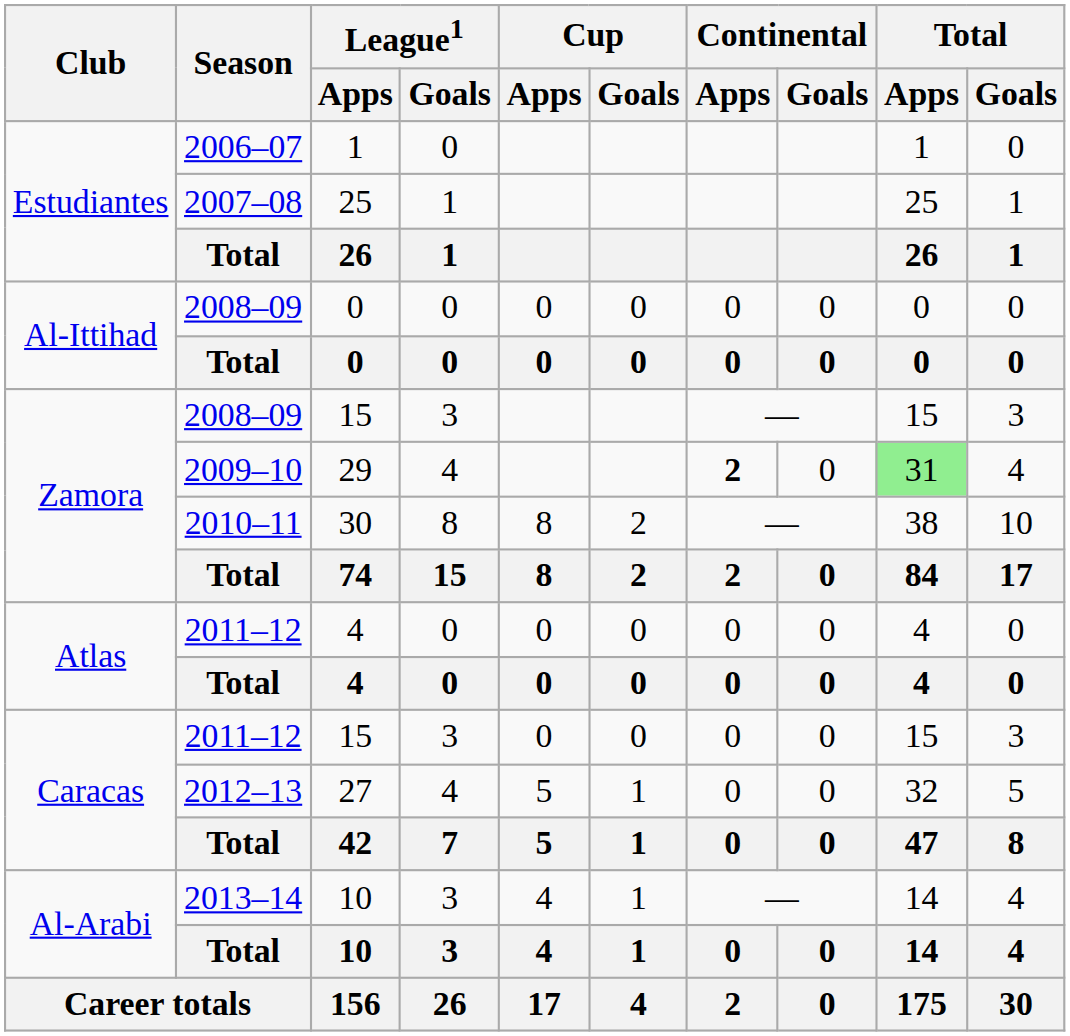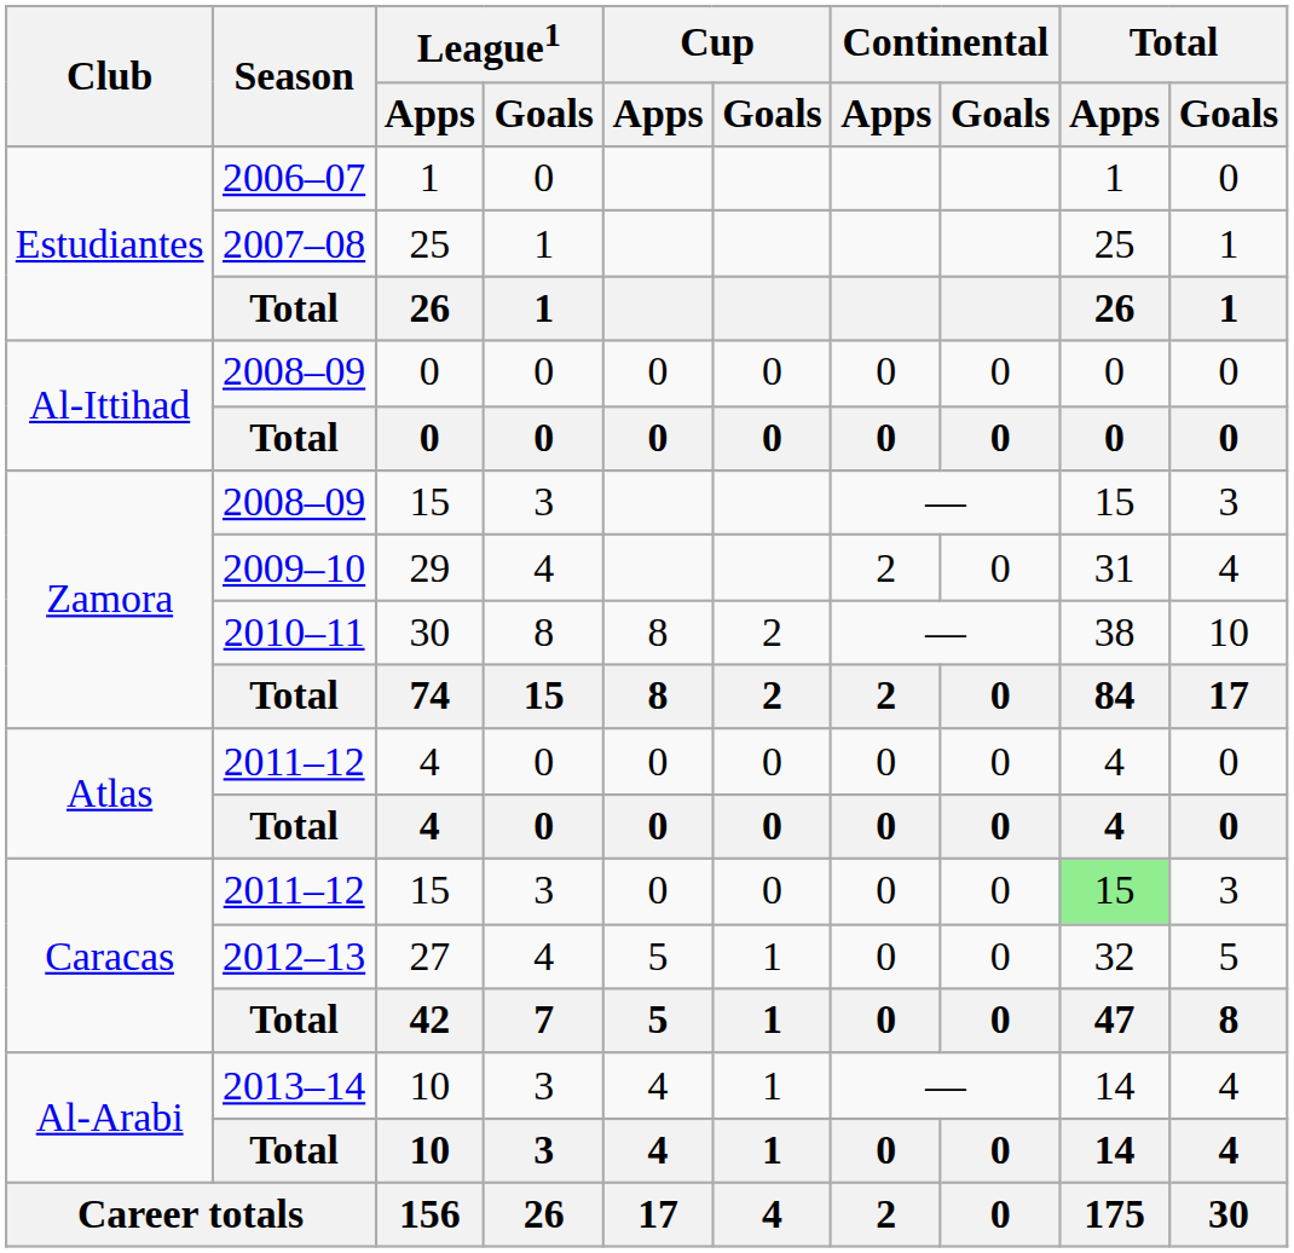 <table class="wikitable" style="text-align: center;">
 <tr>
 <th rowspan="2">Club</th>
 <th rowspan="2">Season</th>
 <th colspan="2">League<sup><span>1</span></sup></th>
 <th colspan="2">Cup</th>
 <th colspan="2">Continental</th>
 <th colspan="2">Total</th>
 </tr>
 <tr>
 <th>Apps</th>
 <th>Goals</th>
 <th>Apps</th>
 <th>Goals</th>
 <th>Apps</th>
 <th>Goals</th>
 <th>Apps</th>
 <th>Goals</th>
 </tr>
 <tr>
 <td rowspan="3"><a href='#'>Estudiantes</a></td>
 <td><a href='#'>2006–07</a></td>
 <td>1</td>
 <td>0</td>
 <td></td>
 <td></td>
 <td></td>
 <td></td>
 <td>1</td>
 <td>0</td>
 </tr>
 <tr>
 <td><a href='#'>2007–08</a></td>
 <td>25</td>
 <td>1</td>
 <td></td>
 <td></td>
 <td></td>
 <td></td>
 <td>25</td>
 <td>1</td>
 </tr>
 <tr>
 <th>Total</th>
 <th>26</th>
 <th>1</th>
 <th></th>
 <th></th>
 <th></th>
 <th></th>
 <th>26</th>
 <th>1</th>
 </tr>
 <tr>
 <td rowspan="2"><a href='#'>Al-Ittihad</a></td>
 <td><a href='#'>2008–09</a></td>
 <td>0</td>
 <td>0</td>
 <td>0</td>
 <td>0</td>
 <td>0</td>
 <td>0</td>
 <td>0</td>
 <td>0</td>
 </tr>
 <tr>
 <th>Total</th>
 <th>0</th>
 <th>0</th>
 <th>0</th>
 <th>0</th>
 <th>0</th>
 <th>0</th>
 <th>0</th>
 <th>0</th>
 </tr>
 <tr>
 <td rowspan="4"><a href='#'>Zamora</a></td>
 <td><a href='#'>2008–09</a></td>
 <td>15</td>
 <td>3</td>
 <td></td>
 <td></td>
 <td colspan="2">—</td>
 <td>15</td>
 <td>3</td>
 </tr>
 <tr>
 <td><a href='#'>2009–10</a></td>
 <td>29</td>
 <td>4</td>
 <td></td>
 <td></td>
-<td><strong>2</strong></td>
+<td>2</td>
 <td>0</td>
-<td style="background: lightgreen;">31</td>
+<td>31</td>
 <td>4</td>
 </tr>
 <tr>
 <td><a href='#'>2010–11</a></td>
 <td>30</td>
 <td>8</td>
 <td>8</td>
 <td>2</td>
 <td colspan="2">—</td>
 <td>38</td>
 <td>10</td>
 </tr>
 <tr>
 <th>Total</th>
 <th>74</th>
 <th>15</th>
 <th>8</th>
 <th>2</th>
 <th>2</th>
 <th>0</th>
 <th>84</th>
 <th>17</th>
 </tr>
 <tr>
 <td rowspan="2"><a href='#'>Atlas</a></td>
 <td><a href='#'>2011–12</a></td>
 <td>4</td>
 <td>0</td>
 <td>0</td>
 <td>0</td>
 <td>0</td>
 <td>0</td>
 <td>4</td>
 <td>0</td>
 </tr>
 <tr>
 <th>Total</th>
 <th>4</th>
 <th>0</th>
 <th>0</th>
 <th>0</th>
 <th>0</th>
 <th>0</th>
 <th>4</th>
 <th>0</th>
 </tr>
 <tr>
 <td rowspan="3"><a href='#'>Caracas</a></td>
 <td><a href='#'>2011–12</a></td>
 <td>15</td>
 <td>3</td>
 <td>0</td>
 <td>0</td>
 <td>0</td>
 <td>0</td>
-<td>15</td>
+<td style="background: lightgreen;">15</td>
 <td>3</td>
 </tr>
 <tr>
 <td><a href='#'>2012–13</a></td>
 <td>27</td>
 <td>4</td>
 <td>5</td>
 <td>1</td>
 <td>0</td>
 <td>0</td>
 <td>32</td>
 <td>5</td>
 </tr>
 <tr>
 <th>Total</th>
 <th>42</th>
 <th>7</th>
 <th>5</th>
 <th>1</th>
 <th>0</th>
 <th>0</th>
 <th>47</th>
 <th>8</th>
 </tr>
 <tr>
 <td rowspan="2"><a href='#'>Al-Arabi</a></td>
 <td><a href='#'>2013–14</a></td>
 <td>10</td>
 <td>3</td>
 <td>4</td>
 <td>1</td>
 <td colspan="2">—</td>
 <td>14</td>
 <td>4</td>
 </tr>
 <tr>
 <th>Total</th>
 <th>10</th>
 <th>3</th>
 <th>4</th>
 <th>1</th>
 <th>0</th>
 <th>0</th>
 <th>14</th>
 <th>4</th>
 </tr>
 <tr>
 <th colspan="2">Career totals</th>
 <th>156</th>
 <th>26</th>
 <th>17</th>
 <th>4</th>
 <th>2</th>
 <th>0</th>
 <th>175</th>
 <th>30</th>
 </tr>
 </table>
